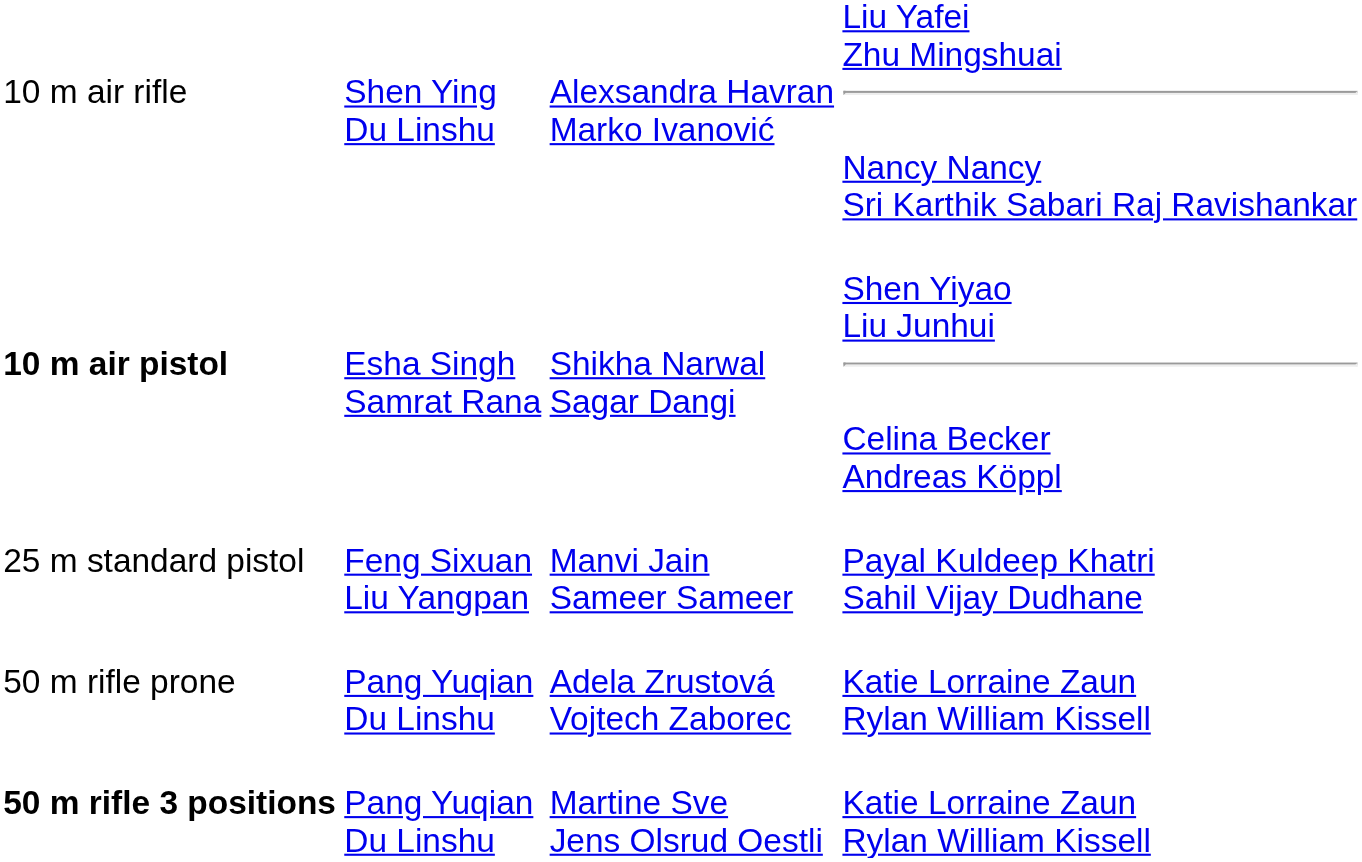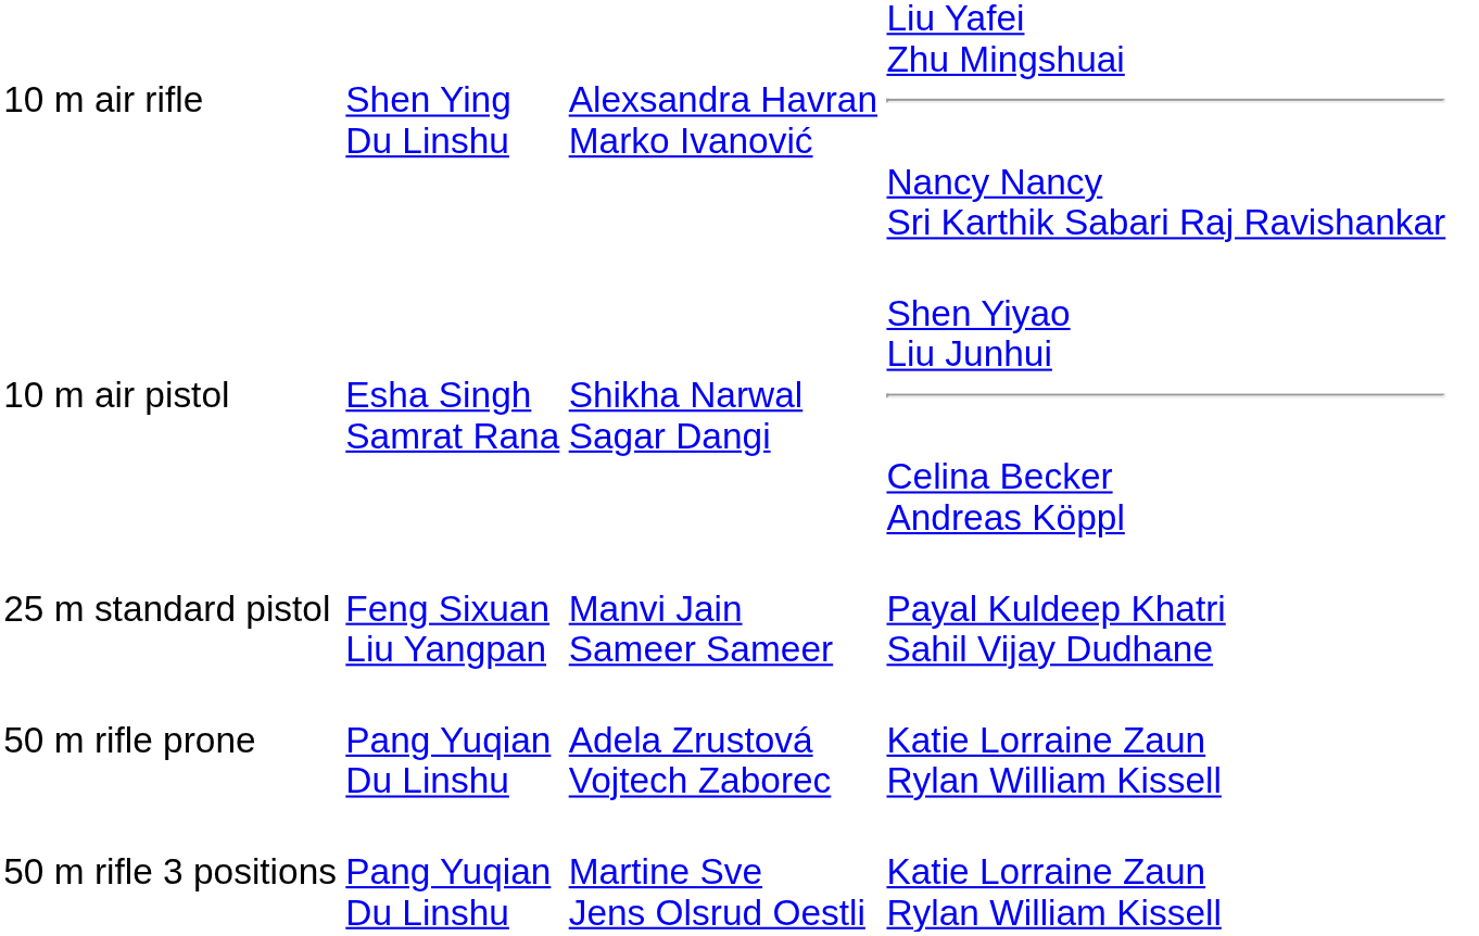 <table>
 <tr>
 <td>10 m air rifle</td>
 <td colspan=2><br><a href='#'>Shen Ying</a><br><a href='#'>Du Linshu</a></td>
 <td colspan=2><br><a href='#'>Alexsandra Havran</a><br><a href='#'>Marko Ivanović</a></td>
 <td colspan=2><br><a href='#'>Liu Yafei</a><br><a href='#'>Zhu Mingshuai</a><hr><br><a href='#'>Nancy Nancy</a><br><a href='#'>Sri Karthik Sabari Raj Ravishankar</a></td>
 </tr>
 <tr>
-<td><strong>10 m air pistol</strong></td>
+<td>10 m air pistol</td>
 <td colspan=2><br><a href='#'>Esha Singh</a><br><a href='#'>Samrat Rana</a></td>
 <td colspan=2><br><a href='#'>Shikha Narwal</a><br><a href='#'>Sagar Dangi</a></td>
 <td colspan=2><br><a href='#'>Shen Yiyao</a><br><a href='#'>Liu Junhui</a><hr><br><a href='#'>Celina Becker</a><br><a href='#'>Andreas Köppl</a></td>
 </tr>
 <tr>
 <td>25 m standard pistol</td>
 <td colspan=2><br><a href='#'>Feng Sixuan</a><br><a href='#'>Liu Yangpan</a></td>
 <td colspan=2><br><a href='#'>Manvi Jain</a><br><a href='#'>Sameer Sameer</a></td>
 <td colspan=2><br><a href='#'>Payal Kuldeep Khatri</a><br><a href='#'>Sahil Vijay Dudhane</a></td>
 </tr>
 <tr>
 <td>50 m rifle prone</td>
 <td colspan=2><br><a href='#'>Pang Yuqian</a><br><a href='#'>Du Linshu</a></td>
 <td colspan=2><br><a href='#'>Adela Zrustová</a><br><a href='#'>Vojtech Zaborec</a></td>
 <td colspan=2><br><a href='#'>Katie Lorraine Zaun</a><br><a href='#'>Rylan William Kissell</a></td>
 </tr>
 <tr>
-<td><strong>50 m rifle 3 positions</strong></td>
+<td>50 m rifle 3 positions</td>
 <td colspan=2><br><a href='#'>Pang Yuqian</a><br><a href='#'>Du Linshu</a></td>
 <td colspan=2><br><a href='#'>Martine Sve</a><br><a href='#'>Jens Olsrud Oestli</a></td>
 <td colspan=2><br><a href='#'>Katie Lorraine Zaun</a><br><a href='#'>Rylan William Kissell</a></td>
 </tr>
 </table>
